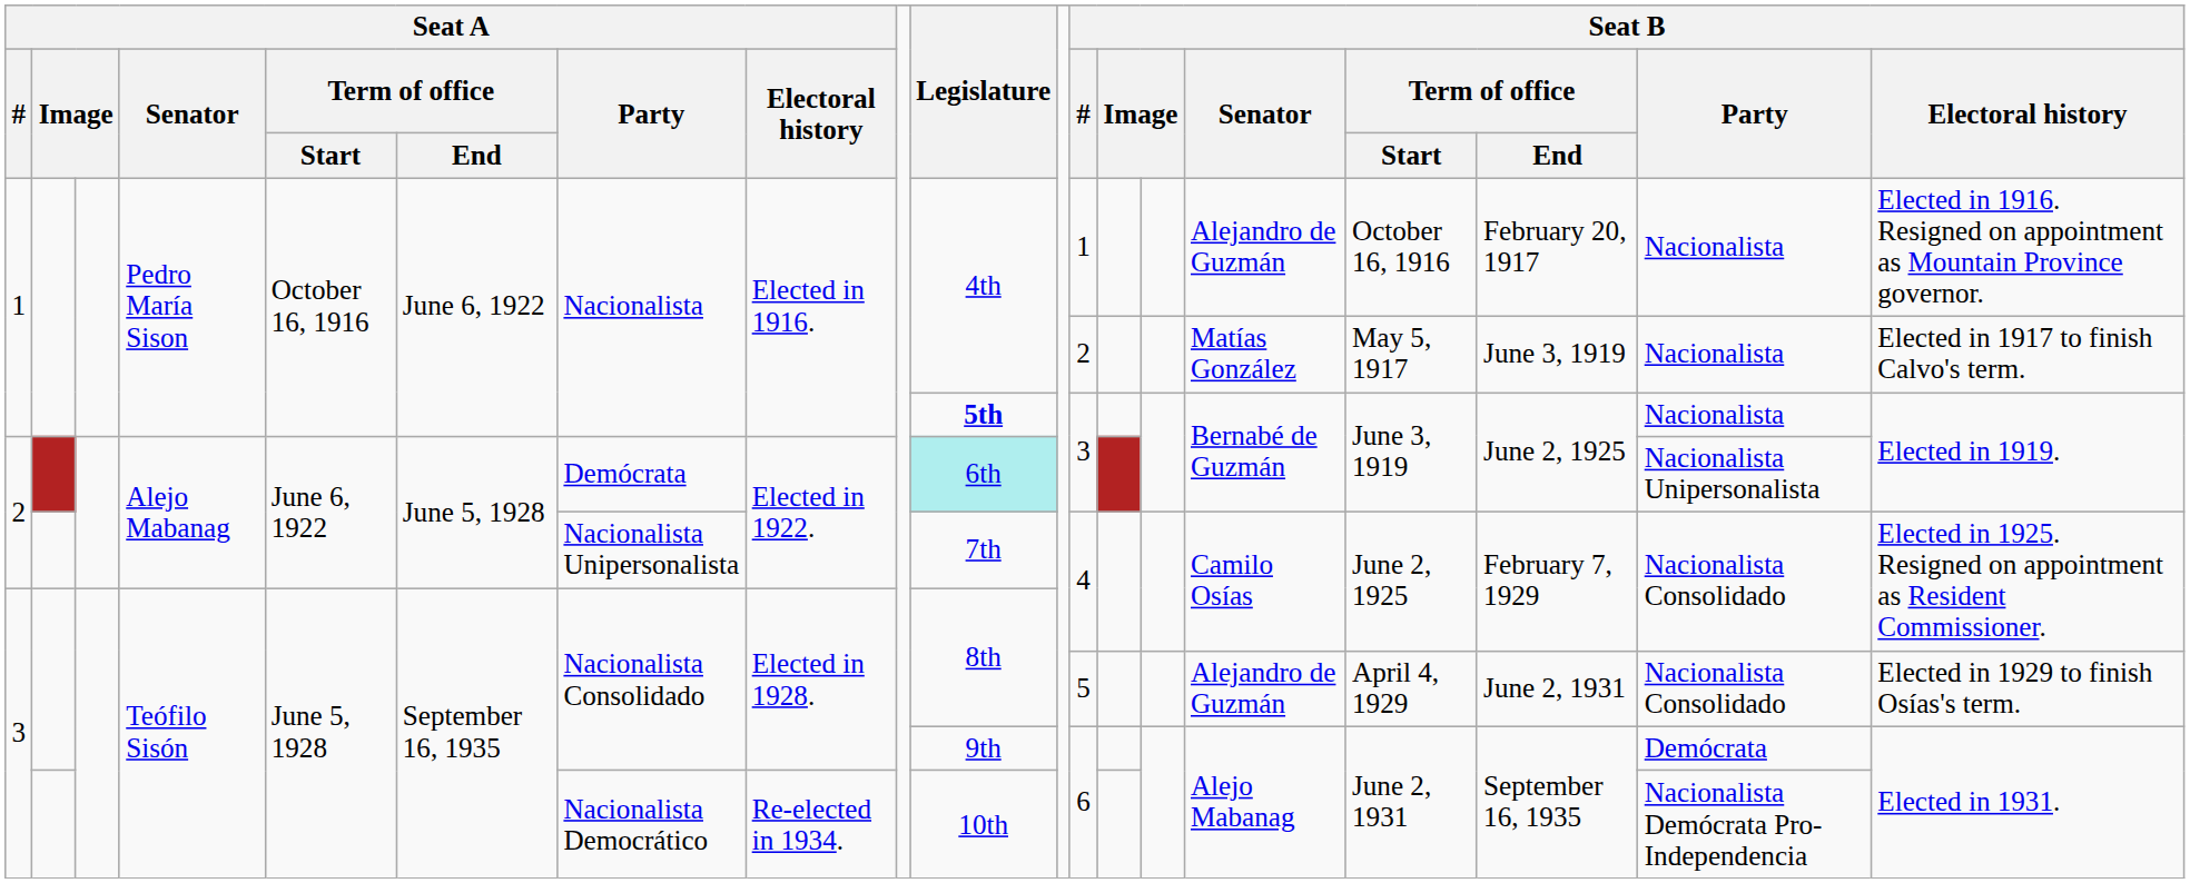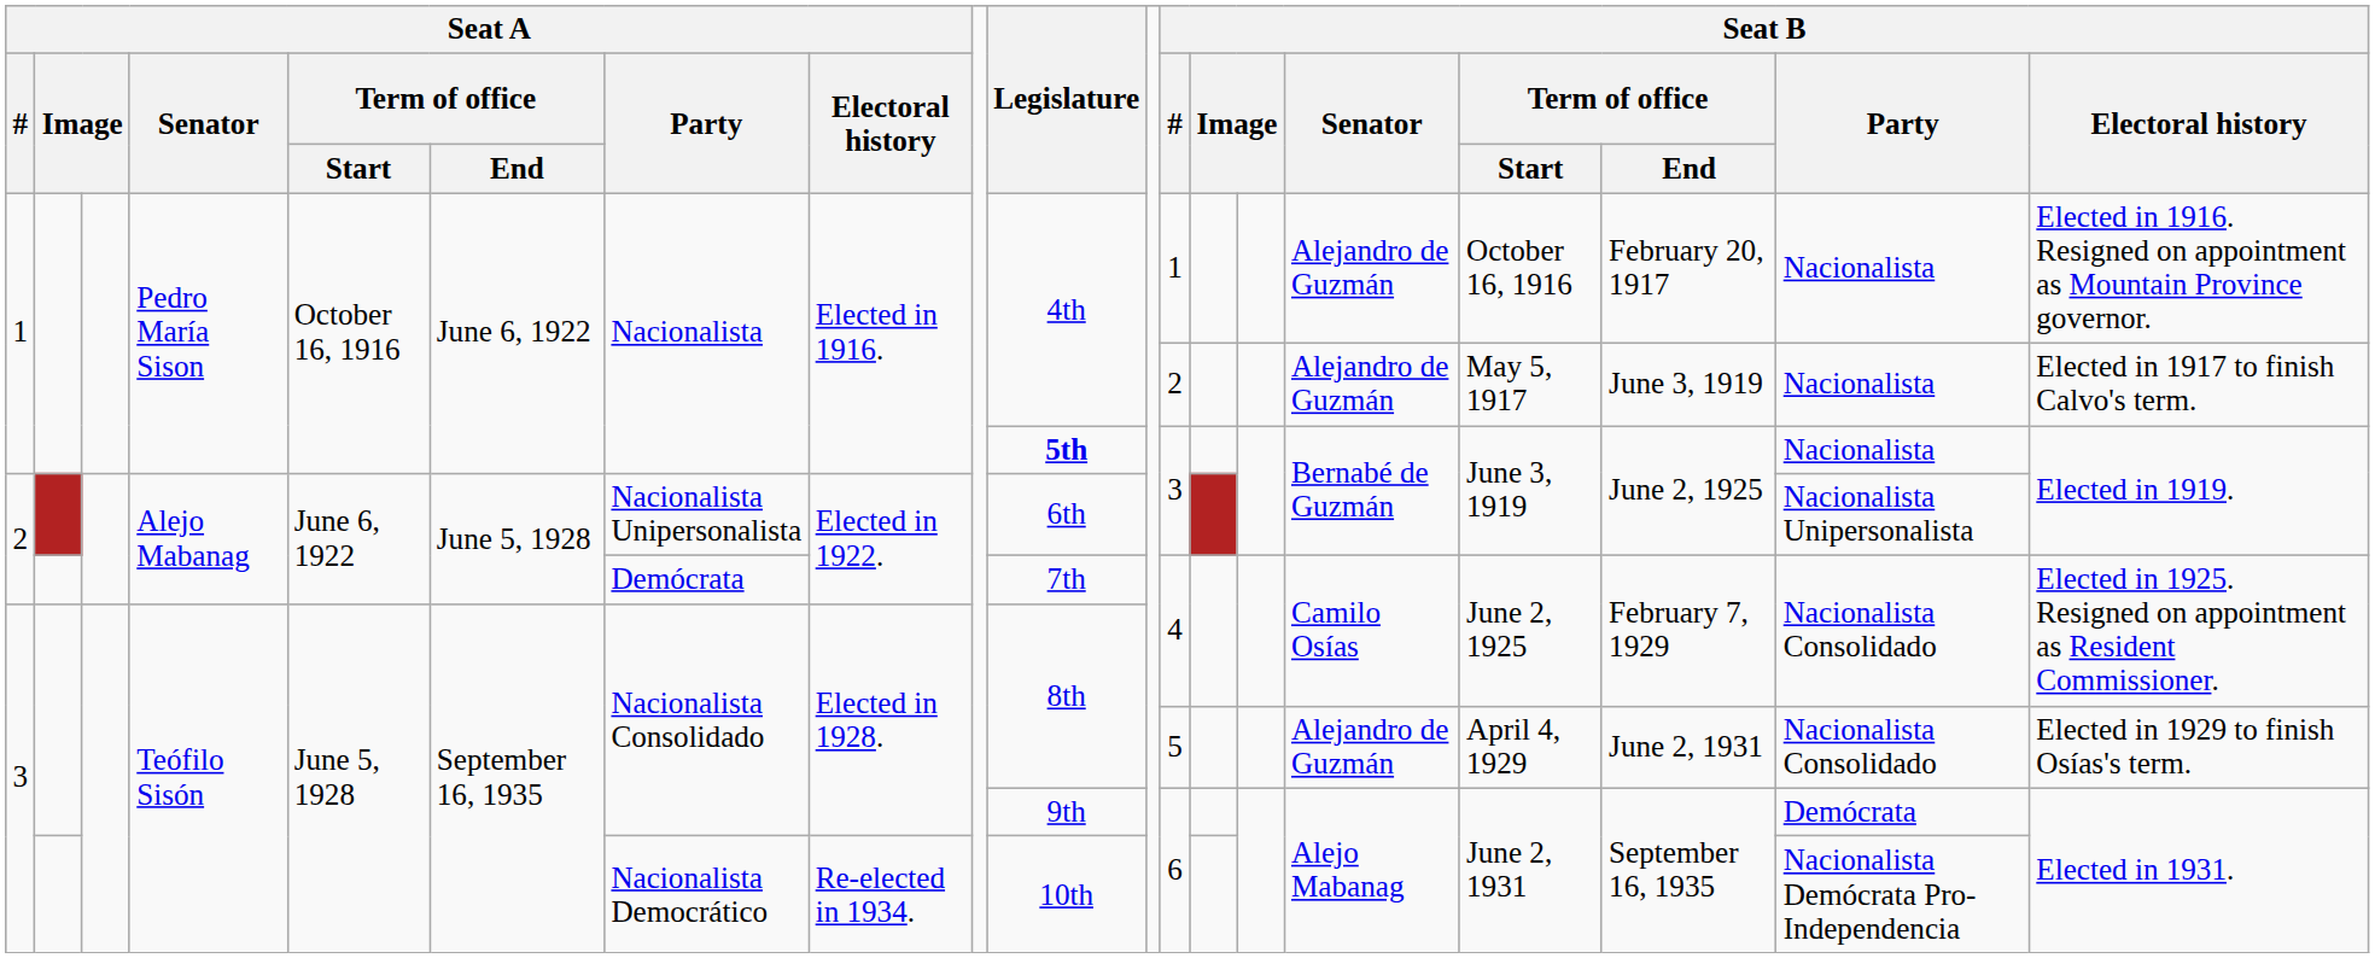 <table class="wikitable">
 <tr>
 <th colspan="8">Seat A</th>
 <td rowspan="99"></td>
 <th rowspan="3">Legislature</th>
 <td rowspan="99"></td>
 <th colspan="8">Seat B</th>
 </tr>
 <tr style="height:3em">
 <th rowspan="2">#</th>
 <th rowspan="2" colspan="2">Image</th>
 <th rowspan="2">Senator</th>
 <th colspan="2">Term of office</th>
 <th rowspan="2">Party</th>
 <th rowspan="2">Electoral history</th>
 <th rowspan="2">#</th>
 <th rowspan="2" colspan="2">Image</th>
 <th rowspan="2">Senator</th>
 <th colspan="2">Term of office</th>
 <th rowspan="2">Party</th>
 <th rowspan="2">Electoral history</th>
 </tr>
 <tr>
 <th>Start</th>
 <th>End</th>
 <th>Start</th>
 <th>End</th>
 </tr>
 <tr>
 <td rowspan="3" style="text-align:center;">1</td>
 <td rowspan="3" style="background:"></td>
 <td rowspan="3"></td>
 <td rowspan="3"><a href='#'>Pedro María Sison</a></td>
 <td rowspan="3">October 16, 1916</td>
 <td rowspan="3">June 6, 1922</td>
 <td rowspan="3"><a href='#'>Nacionalista</a></td>
 <td rowspan="3"><a href='#'>Elected in 1916</a>.</td>
 <td rowspan="2" style="text-align:center;"><a href='#'>4th</a></td>
 <td style="text-align:center;">1</td>
 <td style="background:"></td>
 <td></td>
 <td><a href='#'>Alejandro de Guzmán</a></td>
 <td>October 16, 1916</td>
 <td>February 20, 1917</td>
 <td><a href='#'>Nacionalista</a></td>
 <td><a href='#'>Elected in 1916</a>.<br>Resigned on appointment as <a href='#'>Mountain Province</a> governor.</td>
 </tr>
 <tr>
 <td style="text-align:center;">2</td>
 <td style="background:"></td>
 <td></td>
-<td><a href='#'>Matías González</a></td>
+<td><a href='#'>Alejandro de Guzmán</a></td>
 <td>May 5, 1917</td>
 <td>June 3, 1919</td>
 <td><a href='#'>Nacionalista</a></td>
 <td>Elected in 1917 to finish Calvo's term.</td>
 </tr>
 <tr>
 <td style="text-align:center;"><strong><a href='#'>5th</a></strong></td>
 <td rowspan="2" style="text-align:center;">3</td>
 <td style="background:"></td>
 <td rowspan="2"></td>
 <td rowspan="2"><a href='#'>Bernabé de Guzmán</a></td>
 <td rowspan="2">June 3, 1919</td>
 <td rowspan="2">June 2, 1925</td>
 <td><a href='#'>Nacionalista</a></td>
 <td rowspan="2"><a href='#'>Elected in 1919</a>.</td>
 </tr>
 <tr>
 <td rowspan="2" style="text-align:center;">2</td>
 <td style="background-color:#B22222"></td>
 <td rowspan="2"></td>
 <td rowspan="2"><a href='#'>Alejo Mabanag</a></td>
 <td rowspan="2">June 6, 1922</td>
 <td rowspan="2">June 5, 1928</td>
-<td><a href='#'>Demócrata</a></td>
+<td><a href='#'>Nacionalista</a><br>Unipersonalista</td>
 <td rowspan="2"><a href='#'>Elected in 1922</a>.</td>
-<td style="background: paleturquoise; text-align:center;"><a href='#'>6th</a></td>
+<td style="text-align:center;"><a href='#'>6th</a></td>
 <td style="background-color:#B22222"></td>
 <td><a href='#'>Nacionalista</a><br>Unipersonalista</td>
 </tr>
 <tr>
 <td style="background:"></td>
-<td><a href='#'>Nacionalista</a><br>Unipersonalista</td>
+<td><a href='#'>Demócrata</a></td>
 <td style="text-align:center;"><a href='#'>7th</a></td>
 <td rowspan="2" style="text-align:center;">4</td>
 <td rowspan="2" style="background:"></td>
 <td rowspan="2"></td>
 <td rowspan="2"><a href='#'>Camilo Osías</a></td>
 <td rowspan="2">June 2, 1925</td>
 <td rowspan="2">February 7, 1929</td>
 <td rowspan="2"><a href='#'>Nacionalista</a><br>Consolidado</td>
 <td rowspan="2"><a href='#'>Elected in 1925</a>.<br>Resigned on appointment as <a href='#'>Resident Commissioner</a>.</td>
 </tr>
 <tr>
 <td rowspan="4" style="text-align:center;">3</td>
 <td rowspan="3" style="background:"></td>
 <td rowspan="4"></td>
 <td rowspan="4"><a href='#'>Teófilo Sisón</a></td>
 <td rowspan="4">June 5, 1928</td>
 <td rowspan="4">September 16, 1935</td>
 <td rowspan="3"><a href='#'>Nacionalista</a><br>Consolidado</td>
 <td rowspan="3"><a href='#'>Elected in 1928</a>.</td>
 <td rowspan="2" style="text-align:center;"><a href='#'>8th</a></td>
 </tr>
 <tr>
 <td style="text-align:center;">5</td>
 <td style="background:"></td>
 <td></td>
 <td><a href='#'>Alejandro de Guzmán</a></td>
 <td>April 4, 1929</td>
 <td>June 2, 1931</td>
 <td><a href='#'>Nacionalista</a><br>Consolidado</td>
 <td>Elected in 1929 to finish Osías's term.</td>
 </tr>
 <tr>
 <td style="text-align:center;"><a href='#'>9th</a></td>
 <td rowspan="2" style="text-align:center;">6</td>
 <td style="background:"></td>
 <td rowspan="2"></td>
 <td rowspan="2"><a href='#'>Alejo Mabanag</a></td>
 <td rowspan="2">June 2, 1931</td>
 <td rowspan="2">September 16, 1935</td>
 <td><a href='#'>Demócrata</a></td>
 <td rowspan="2"><a href='#'>Elected in 1931</a>.</td>
 </tr>
 <tr>
 <td style="background:"></td>
 <td><a href='#'>Nacionalista</a><br>Democrático</td>
 <td><a href='#'>Re-elected in 1934</a>.</td>
 <td style="text-align:center;"><a href='#'>10th</a></td>
 <td style="background:"></td>
 <td><a href='#'>Nacionalista</a><br>Demócrata Pro-Independencia</td>
 </tr>
 </table>
